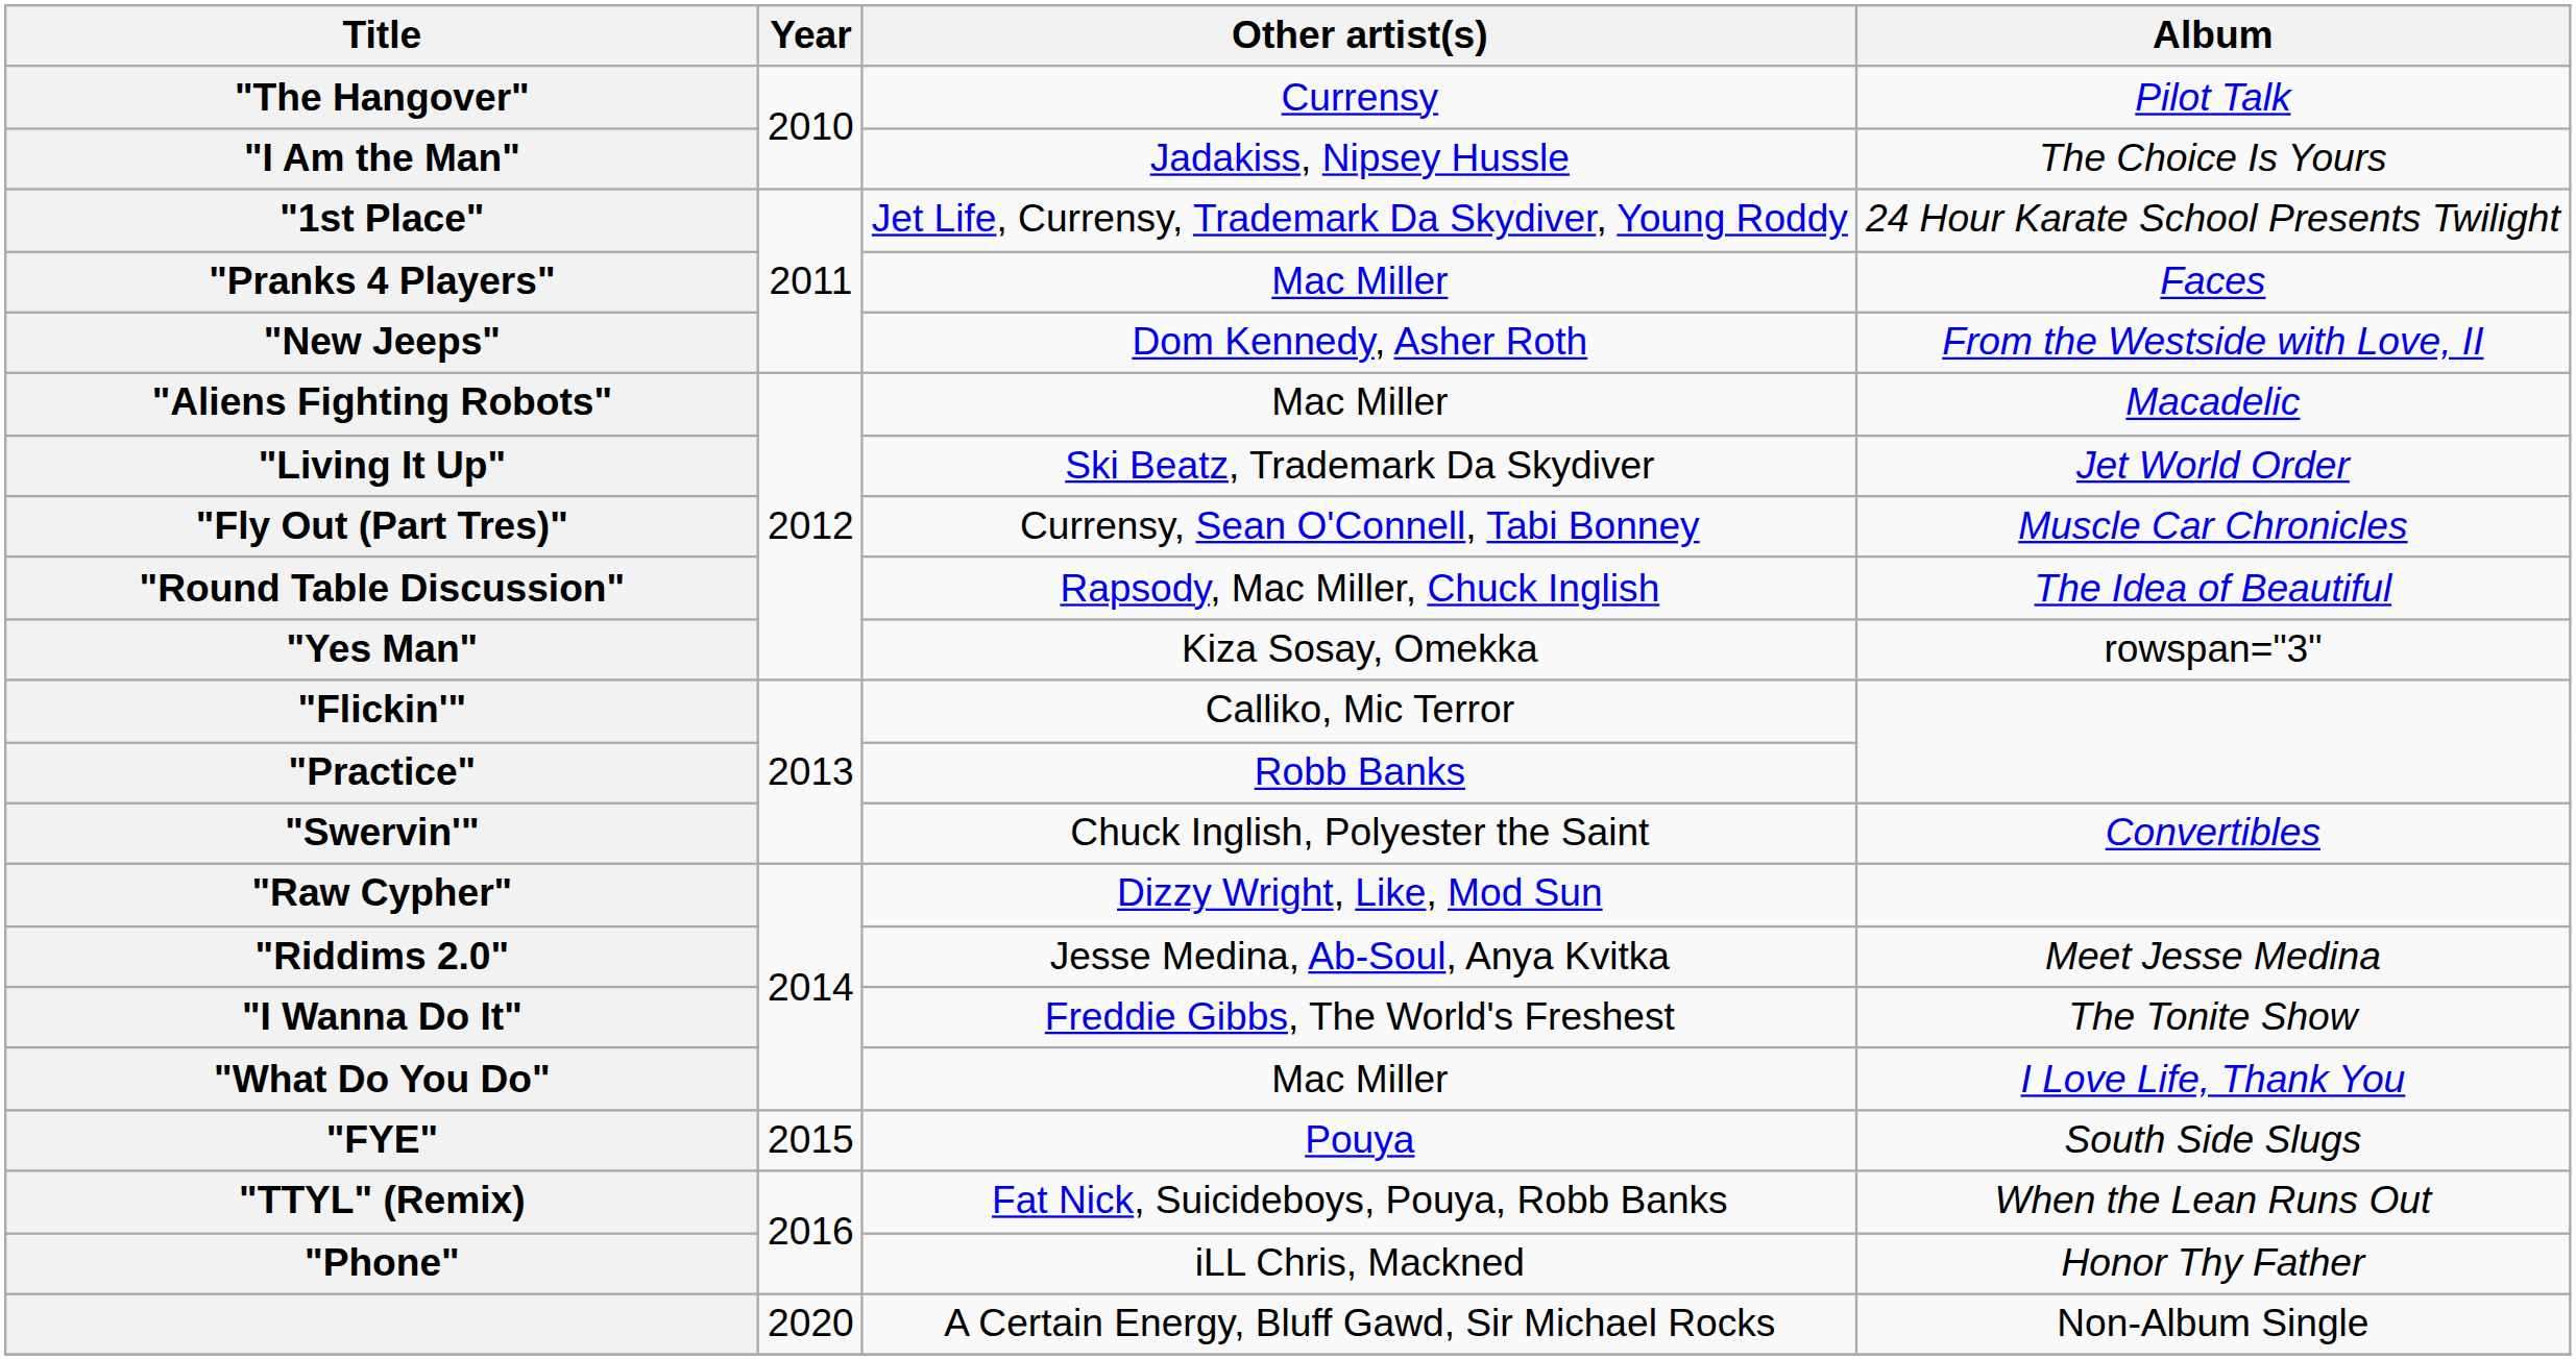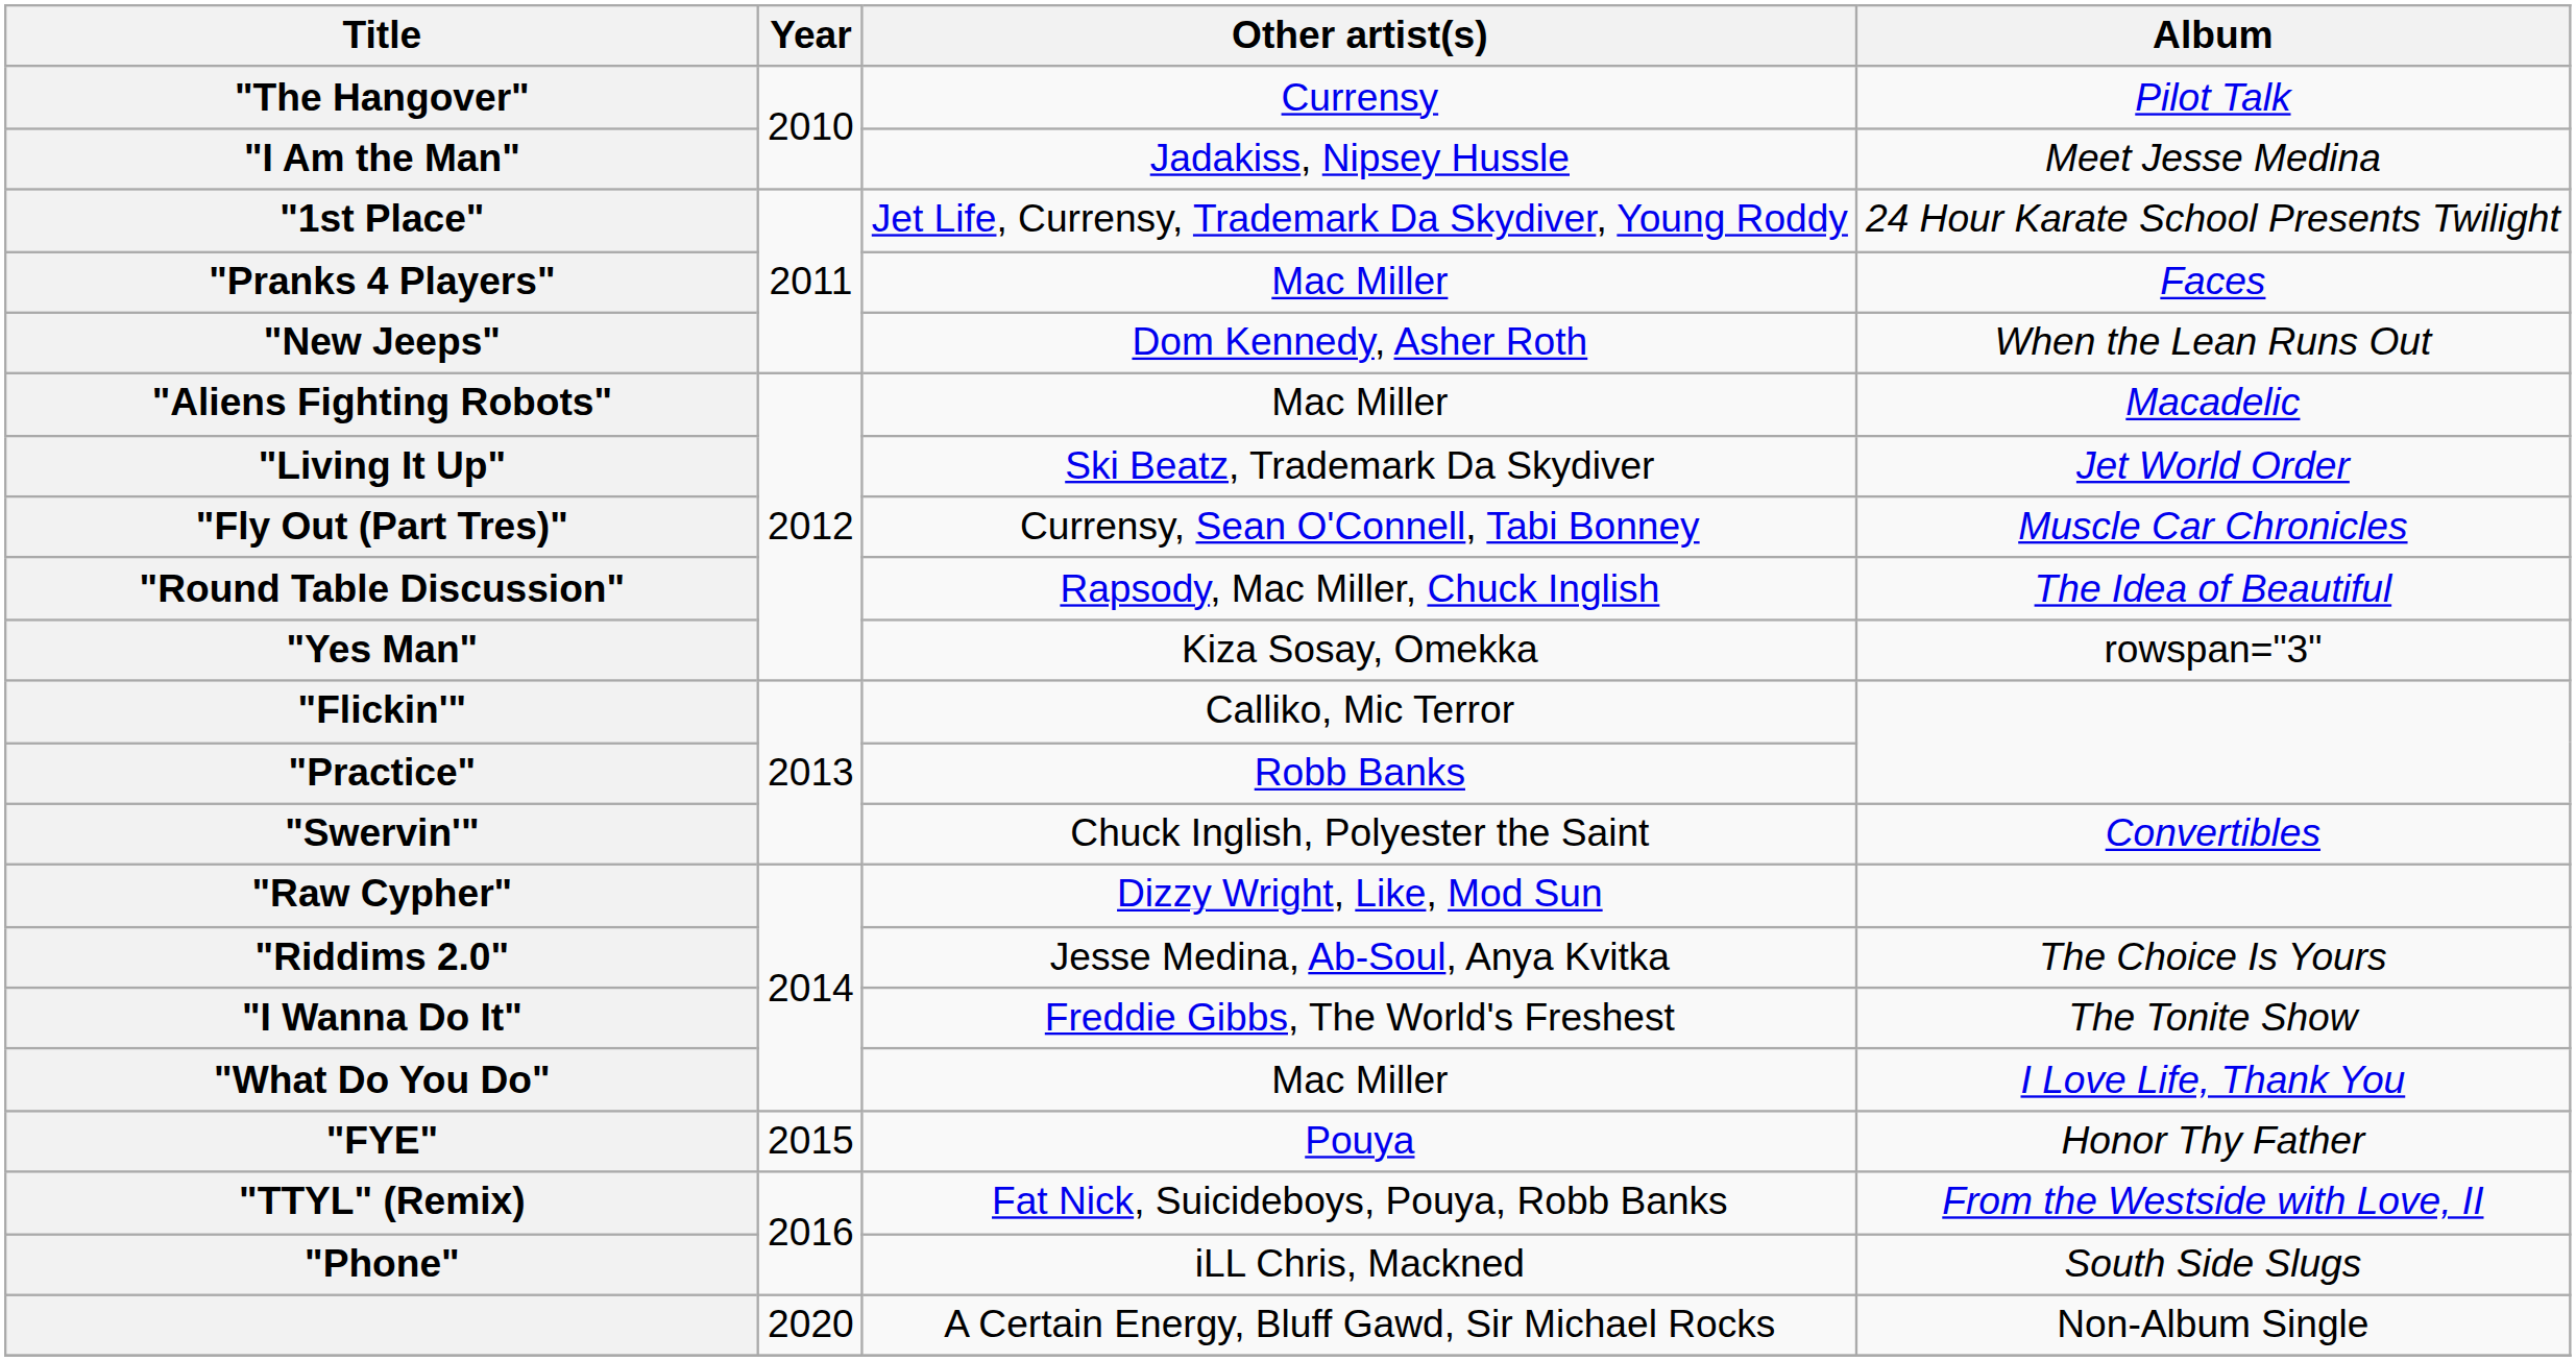 <table class="wikitable plainrowheaders" style="text-align:center;">
 <tr>
 <th scope="col" style="width:19em;">Title</th>
 <th scope="col">Year</th>
 <th scope="col">Other artist(s)</th>
 <th scope="col">Album</th>
 </tr>
 <tr>
 <th scope="row">"The Hangover"</th>
 <td rowspan="2">2010</td>
 <td><a href='#'>Currensy</a></td>
 <td><em><a href='#'>Pilot Talk</a></em></td>
 </tr>
 <tr>
 <th scope="row">"I Am the Man"</th>
 <td><a href='#'>Jadakiss</a>, <a href='#'>Nipsey Hussle</a></td>
-<td><em>The Choice Is Yours</em></td>
+<td><em>Meet Jesse Medina</em></td>
 </tr>
 <tr>
 <th scope="row">"1st Place"</th>
 <td rowspan="3">2011</td>
 <td><a href='#'>Jet Life</a>, Currensy, <a href='#'>Trademark Da Skydiver</a>, <a href='#'>Young Roddy</a></td>
 <td><em>24 Hour Karate School Presents Twilight</em></td>
 </tr>
 <tr>
 <th scope="row">"Pranks 4 Players"</th>
 <td><a href='#'>Mac Miller</a></td>
 <td><em><a href='#'>Faces</a></em></td>
 </tr>
 <tr>
 <th scope="row">"New Jeeps"</th>
 <td><a href='#'>Dom Kennedy</a>, <a href='#'>Asher Roth</a></td>
-<td><em><a href='#'>From the Westside with Love, II</a></em></td>
+<td><em>When the Lean Runs Out</em></td>
 </tr>
 <tr>
 <th scope="row">"Aliens Fighting Robots"</th>
 <td rowspan="5">2012</td>
 <td>Mac Miller</td>
 <td><em><a href='#'>Macadelic</a></em></td>
 </tr>
 <tr>
 <th scope="row">"Living It Up"</th>
 <td><a href='#'>Ski Beatz</a>, Trademark Da Skydiver</td>
 <td><em><a href='#'>Jet World Order</a></em></td>
 </tr>
 <tr>
 <th scope="row">"Fly Out (Part Tres)"</th>
 <td>Currensy, <a href='#'>Sean O'Connell</a>, <a href='#'>Tabi Bonney</a></td>
 <td><em><a href='#'>Muscle Car Chronicles</a></em></td>
 </tr>
 <tr>
 <th scope="row">"Round Table Discussion"</th>
 <td><a href='#'>Rapsody</a>, Mac Miller, <a href='#'>Chuck Inglish</a></td>
 <td><em><a href='#'>The Idea of Beautiful</a></em></td>
 </tr>
 <tr>
 <th scope="row">"Yes Man"</th>
 <td>Kiza Sosay, Omekka</td>
 <td>rowspan="3" </td>
 </tr>
 <tr>
 <th scope="row">"Flickin'"</th>
 <td rowspan="3">2013</td>
 <td>Calliko, Mic Terror</td>
 </tr>
 <tr>
 <th scope="row">"Practice"</th>
 <td><a href='#'>Robb Banks</a></td>
 </tr>
 <tr>
 <th scope="row">"Swervin'"</th>
 <td>Chuck Inglish, Polyester the Saint</td>
 <td><em><a href='#'>Convertibles</a></em></td>
 </tr>
 <tr>
 <th scope="row">"Raw Cypher"</th>
 <td rowspan="4">2014</td>
 <td><a href='#'>Dizzy Wright</a>, <a href='#'>Like</a>, <a href='#'>Mod Sun</a></td>
 <td></td>
 </tr>
 <tr>
 <th scope="row">"Riddims 2.0"</th>
 <td>Jesse Medina, <a href='#'>Ab-Soul</a>, Anya Kvitka</td>
-<td><em>Meet Jesse Medina</em></td>
+<td><em>The Choice Is Yours</em></td>
 </tr>
 <tr>
 <th scope="row">"I Wanna Do It"</th>
 <td><a href='#'>Freddie Gibbs</a>, The World's Freshest</td>
 <td><em>The Tonite Show</em></td>
 </tr>
 <tr>
 <th scope="row">"What Do You Do"</th>
 <td>Mac Miller</td>
 <td><em><a href='#'>I Love Life, Thank You</a></em></td>
 </tr>
 <tr>
 <th scope="row">"FYE"</th>
 <td>2015</td>
 <td><a href='#'>Pouya</a></td>
-<td><em>South Side Slugs</em></td>
+<td><em>Honor Thy Father</em></td>
 </tr>
 <tr>
 <th scope="row">"TTYL" (Remix)</th>
 <td rowspan="2">2016</td>
 <td><a href='#'>Fat Nick</a>, Suicideboys, Pouya, Robb Banks</td>
-<td><em>When the Lean Runs Out</em></td>
+<td><em><a href='#'>From the Westside with Love, II</a></em></td>
 </tr>
 <tr>
 <th scope="row">"Phone"</th>
 <td>iLL Chris, Mackned</td>
-<td><em>Honor Thy Father</em></td>
+<td><em>South Side Slugs</em></td>
 </tr>
 <tr>
 <th><br></th>
 <td>2020</td>
 <td>A Certain Energy, Bluff Gawd, Sir Michael Rocks</td>
 <td>Non-Album Single</td>
 </tr>
 <tr>
 </tr>
 </table>
